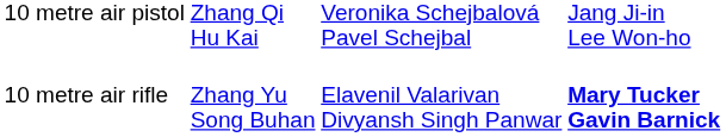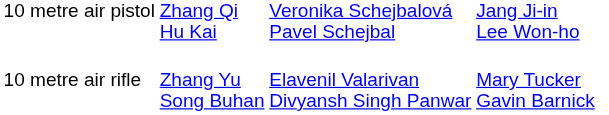 <table>
 <tr>
 <td>10 metre air pistol<br></td>
 <td><br><a href='#'>Zhang Qi</a><br><a href='#'>Hu Kai</a></td>
 <td><br><a href='#'>Veronika Schejbalová</a><br><a href='#'>Pavel Schejbal</a></td>
 <td><br><a href='#'>Jang Ji-in</a><br><a href='#'>Lee Won-ho</a></td>
 </tr>
 <tr>
 <td>10 metre air rifle<br></td>
 <td><br><a href='#'>Zhang Yu</a><br><a href='#'>Song Buhan</a></td>
 <td><br><a href='#'>Elavenil Valarivan</a><br><a href='#'>Divyansh Singh Panwar</a></td>
-<td><strong><br><a href='#'>Mary Tucker</a><br><a href='#'>Gavin Barnick</a></strong></td>
+<td><br><a href='#'>Mary Tucker</a><br><a href='#'>Gavin Barnick</a></td>
 </tr>
 </table>
